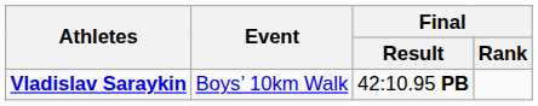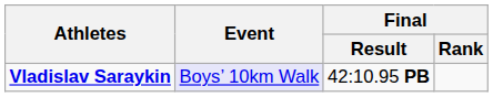 <table class="wikitable" border="1" style="font-size:90%">
 <tr>
 <th rowspan=2>Athletes</th>
 <th rowspan=2>Event</th>
 <th colspan=2>Final</th>
 </tr>
 <tr>
 <th>Result</th>
 <th>Rank</th>
 </tr>
 <tr>
 <td><strong><a href='#'>Vladislav Saraykin</a></strong></td>
-<td><a href='#'>Boys’ 10km Walk</a></td>
+<td style="background: lavender;"><a href='#'>Boys’ 10km Walk</a></td>
 <td align=center>42:10.95 <strong>PB</strong></td>
 <td align=center></td>
 </tr>
 </table>
